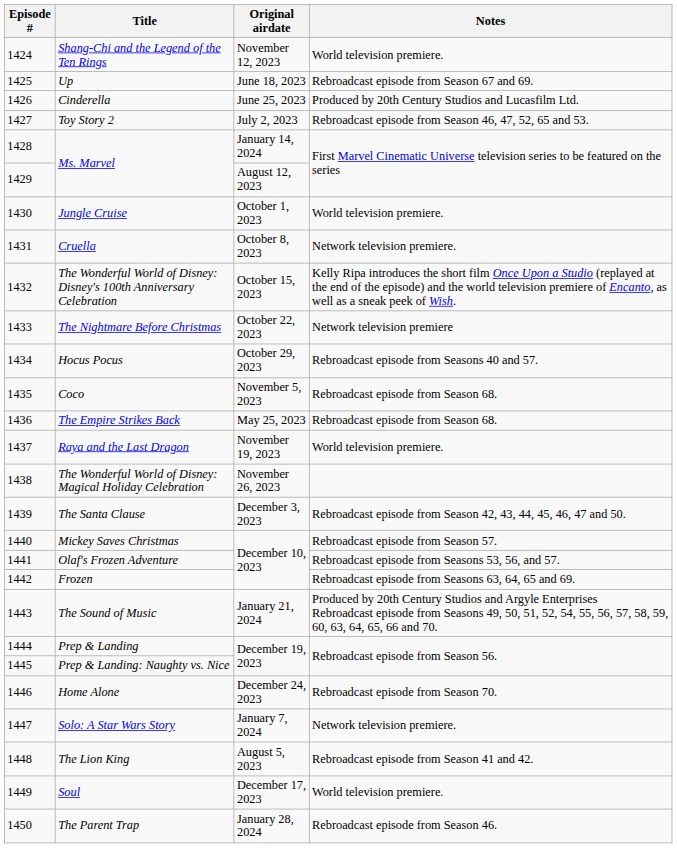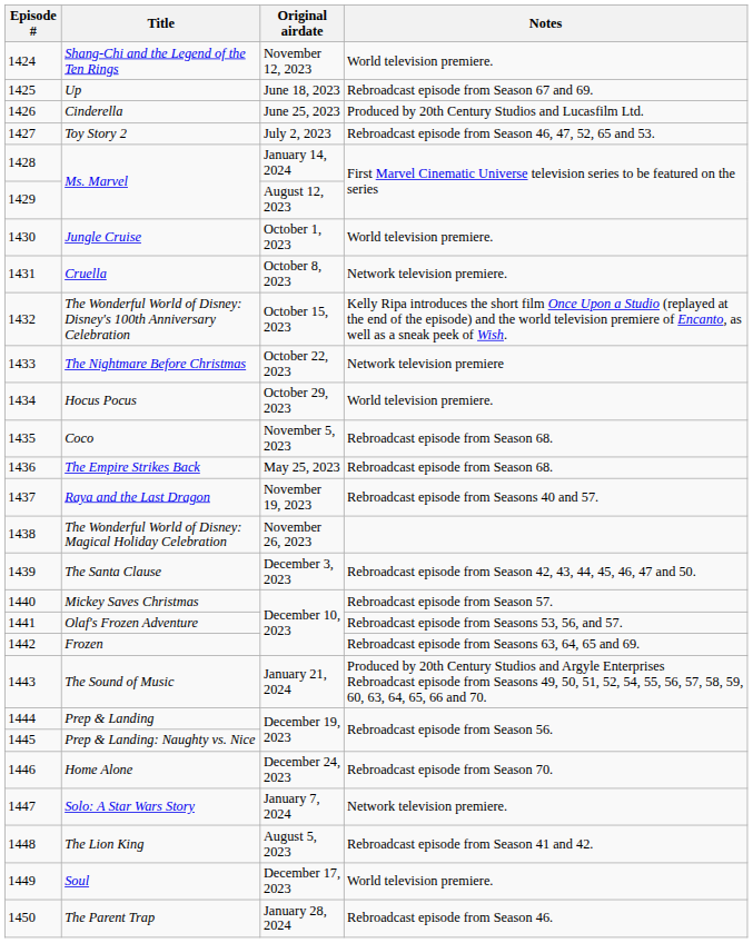 <table class="wikitable sortable">
 <tr>
 <th>Episode #</th>
 <th>Title</th>
 <th>Original airdate</th>
 <th>Notes</th>
 </tr>
 <tr>
 <td>1424</td>
 <td><em><a href='#'>Shang-Chi and the Legend of the Ten Rings</a></em></td>
 <td>November 12, 2023</td>
 <td>World television premiere.</td>
 </tr>
 <tr>
 <td>1425</td>
 <td><em>Up</em></td>
 <td>June 18, 2023</td>
 <td>Rebroadcast episode from Season 67 and 69.</td>
 </tr>
 <tr>
 <td>1426</td>
 <td><em>Cinderella</em></td>
 <td>June 25, 2023</td>
 <td>Produced by 20th Century Studios and Lucasfilm Ltd.</td>
 </tr>
 <tr>
 <td>1427</td>
 <td><em>Toy Story 2</em></td>
 <td>July 2, 2023</td>
 <td>Rebroadcast episode from Season 46, 47, 52, 65 and 53.</td>
 </tr>
 <tr>
 <td>1428</td>
 <td rowspan="2"><em><a href='#'>Ms. Marvel</a></em></td>
 <td>January 14, 2024</td>
 <td rowspan="2">First <a href='#'>Marvel Cinematic Universe</a> television series to be featured on the series</td>
 </tr>
 <tr>
 <td>1429</td>
 <td>August 12, 2023 </td>
 </tr>
 <tr>
 <td>1430</td>
 <td><em><a href='#'>Jungle Cruise</a></em></td>
 <td>October 1, 2023</td>
 <td>World television premiere.</td>
 </tr>
 <tr>
 <td>1431</td>
 <td><em><a href='#'>Cruella</a></em></td>
 <td>October 8, 2023</td>
 <td>Network television premiere.</td>
 </tr>
 <tr>
 <td>1432</td>
 <td><em>The Wonderful World of Disney: Disney's 100th Anniversary Celebration</em></td>
 <td>October 15, 2023</td>
 <td>Kelly Ripa introduces the short film <em><a href='#'>Once Upon a Studio</a></em> (replayed at the end of the episode) and the world television premiere of <em><a href='#'>Encanto</a></em>, as well as a sneak peek of <em><a href='#'>Wish</a></em>.</td>
 </tr>
 <tr>
 <td>1433</td>
 <td><em><a href='#'>The Nightmare Before Christmas</a></em></td>
 <td>October 22, 2023</td>
 <td>Network television premiere</td>
 </tr>
 <tr>
 <td>1434</td>
 <td><em>Hocus Pocus</em></td>
 <td>October 29, 2023</td>
-<td>Rebroadcast episode from Seasons 40 and 57.</td>
+<td>World television premiere.</td>
 </tr>
 <tr>
 <td>1435</td>
 <td><em>Coco</em></td>
 <td>November 5, 2023</td>
 <td>Rebroadcast episode from Season 68.</td>
 </tr>
 <tr>
 <td>1436</td>
 <td><em><a href='#'>The Empire Strikes Back</a></em></td>
 <td>May 25, 2023</td>
 <td>Rebroadcast episode from Season 68.</td>
 </tr>
 <tr>
 <td>1437</td>
 <td><em><a href='#'>Raya and the Last Dragon</a></em></td>
 <td>November 19, 2023</td>
-<td>World television premiere.</td>
+<td>Rebroadcast episode from Seasons 40 and 57.</td>
 </tr>
 <tr>
 <td>1438</td>
 <td><em>The Wonderful World of Disney: Magical Holiday Celebration</em></td>
 <td>November 26, 2023</td>
 <td></td>
 </tr>
 <tr>
 <td>1439</td>
 <td><em>The Santa Clause</em></td>
 <td>December 3, 2023</td>
 <td>Rebroadcast episode from Season 42, 43, 44, 45, 46, 47 and 50.</td>
 </tr>
 <tr>
 <td>1440</td>
 <td><em>Mickey Saves Christmas</em></td>
 <td rowspan="3">December 10, 2023</td>
 <td>Rebroadcast episode from Season 57.</td>
 </tr>
 <tr>
 <td>1441</td>
 <td><em>Olaf's Frozen Adventure</em></td>
 <td>Rebroadcast episode from Seasons 53, 56, and 57.</td>
 </tr>
 <tr>
 <td>1442</td>
 <td><em>Frozen</em></td>
 <td>Rebroadcast episode from Seasons 63, 64, 65 and 69.</td>
 </tr>
 <tr>
 <td>1443</td>
 <td><em>The Sound of Music</em></td>
 <td>January 21, 2024</td>
 <td>Produced by 20th Century Studios and Argyle Enterprises<br>Rebroadcast episode from Seasons 49, 50, 51, 52, 54, 55, 56, 57, 58, 59, 60, 63, 64, 65, 66 and 70.</td>
 </tr>
 <tr>
 <td>1444</td>
 <td><em>Prep & Landing</em></td>
 <td rowspan="2">December 19, 2023</td>
 <td rowspan="2">Rebroadcast episode from Season 56.</td>
 </tr>
 <tr>
 <td>1445</td>
 <td><em>Prep & Landing: Naughty vs. Nice</em></td>
 </tr>
 <tr>
 <td>1446</td>
 <td><em>Home Alone</em></td>
 <td>December 24, 2023</td>
 <td>Rebroadcast episode from Season 70.</td>
 </tr>
 <tr>
 <td>1447</td>
 <td><em><a href='#'>Solo: A Star Wars Story</a></em></td>
 <td>January 7, 2024</td>
 <td>Network television premiere.</td>
 </tr>
 <tr>
 <td>1448</td>
 <td><em>The Lion King</em></td>
 <td>August 5, 2023 </td>
 <td>Rebroadcast episode from Season 41 and 42.</td>
 </tr>
 <tr>
 <td>1449</td>
 <td><em><a href='#'>Soul</a></em></td>
 <td>December 17, 2023</td>
 <td>World television premiere.</td>
 </tr>
 <tr>
 <td>1450</td>
 <td><em>The Parent Trap</em></td>
 <td>January 28, 2024</td>
 <td>Rebroadcast episode from Season 46.</td>
 </tr>
 </table>
